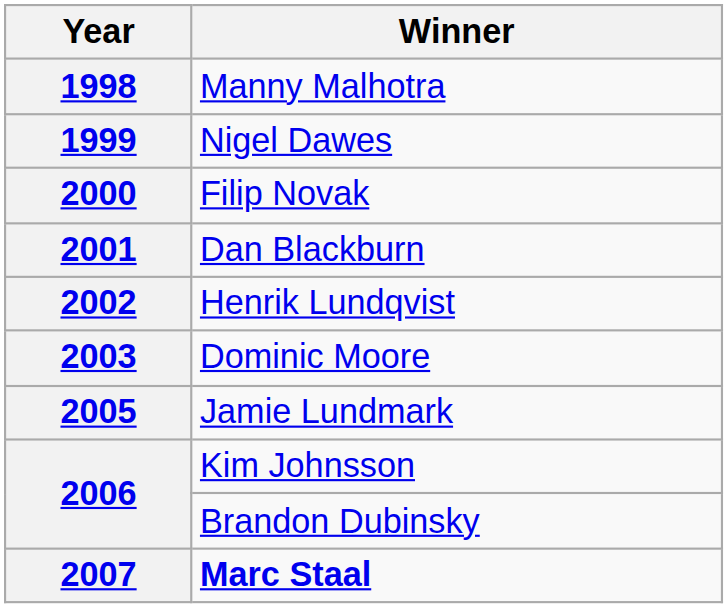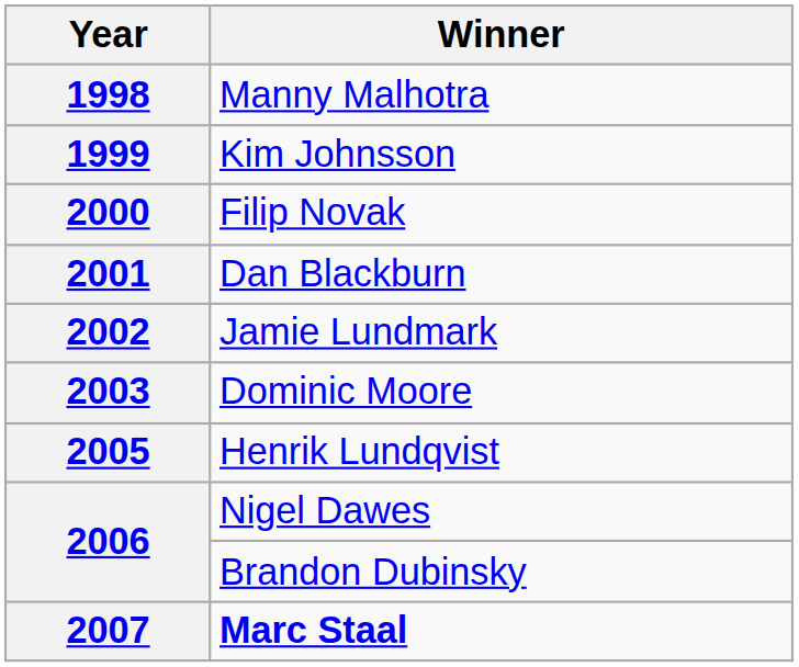 <table class="wikitable">
 <tr>
 <th scope="col" style="width:5em">Year</th>
 <th scope="col" style="width:15em">Winner</th>
 </tr>
 <tr>
 <th scope="row"><a href='#'>1998</a></th>
 <td><a href='#'>Manny Malhotra</a></td>
 </tr>
 <tr>
 <th scope="row"><a href='#'>1999</a></th>
-<td><a href='#'>Nigel Dawes</a></td>
+<td><a href='#'>Kim Johnsson</a></td>
 </tr>
 <tr>
 <th scope="row"><a href='#'>2000</a></th>
 <td><a href='#'>Filip Novak</a></td>
 </tr>
 <tr>
 <th scope="row"><a href='#'>2001</a></th>
 <td><a href='#'>Dan Blackburn</a></td>
 </tr>
 <tr>
 <th scope="row"><a href='#'>2002</a></th>
-<td><a href='#'>Henrik Lundqvist</a></td>
+<td><a href='#'>Jamie Lundmark</a></td>
 </tr>
 <tr>
 <th scope="row"><a href='#'>2003</a></th>
 <td><a href='#'>Dominic Moore</a></td>
 </tr>
 <tr>
 <th scope="row"><a href='#'>2005</a></th>
-<td><a href='#'>Jamie Lundmark</a></td>
+<td><a href='#'>Henrik Lundqvist</a></td>
 </tr>
 <tr>
 <th scope="row" rowspan="2"><a href='#'>2006</a></th>
-<td><a href='#'>Kim Johnsson</a></td>
+<td><a href='#'>Nigel Dawes</a></td>
 </tr>
 <tr>
 <td><a href='#'>Brandon Dubinsky</a></td>
 </tr>
 <tr>
 <th scope="row"><a href='#'>2007</a></th>
 <td><strong><a href='#'>Marc Staal</a></strong></td>
 </tr>
 </table>
